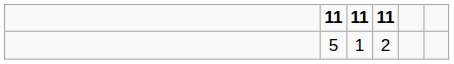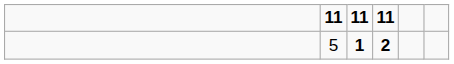 <table class="wikitable">
 <tr>
 <td style="width:18em"><strong></strong></td>
 <td align=center style="width:1em"><strong>11</strong></td>
 <td align=center style="width:1em"><strong>11</strong></td>
 <td align=center style="width:1em"><strong>11</strong></td>
 <td align=center style="width:1em"></td>
 <td align=center style="width:1em"></td>
 </tr>
 <tr>
 <td style="width:18em"></td>
 <td align=center style="width:1em">5</td>
-<td align=center style="width:1em">1</td>
-<td align=center style="width:1em">2</td>
+<td align=center style="width:1em"><strong>1</strong></td>
+<td align=center style="width:1em"><strong>2</strong></td>
 <td align=center style="width:1em"></td>
 <td align=center style="width:1em"></td>
 </tr>
 </table>
